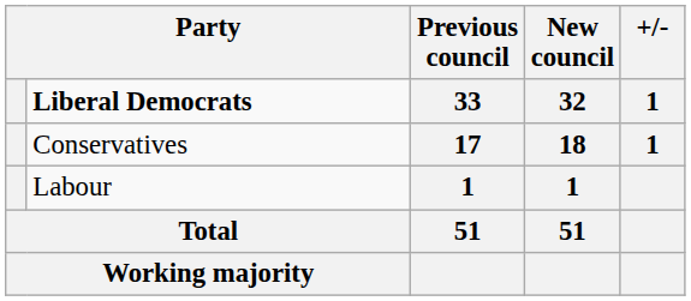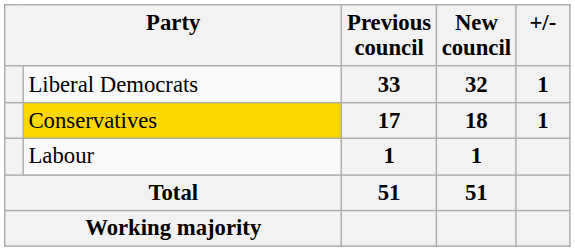 <table class="wikitable">
 <tr>
 <th valign=top colspan="2" style="width: 230px">Party</th>
 <th valign=top style="width: 30px">Previous council</th>
 <th valign=top style="width: 30px">New council</th>
 <th valign=top style="width: 30px">+/-</th>
 </tr>
 <tr>
 <th style="background-color: "></th>
-<td><strong>Liberal Democrats</strong></td>
+<td>Liberal Democrats</td>
 <th align=center>33</th>
 <th align=center>32</th>
 <th align=center>1</th>
 </tr>
 <tr>
 <th style="background-color: "></th>
-<td>Conservatives</td>
+<td style="background: gold;">Conservatives</td>
 <th align=center>17</th>
 <th align=center>18</th>
 <th align=center>1</th>
 </tr>
 <tr>
 <th style="background-color: "></th>
 <td>Labour</td>
 <th align=center>1</th>
 <th align=center>1</th>
 <th align=center></th>
 </tr>
 <tr>
 <th colspan=2>Total</th>
 <th style="text-align: center">51</th>
 <th style="text-align: center">51</th>
 <th></th>
 </tr>
 <tr>
 <th colspan=2>Working majority</th>
 <th></th>
 <th></th>
 <th></th>
 </tr>
 </table>
